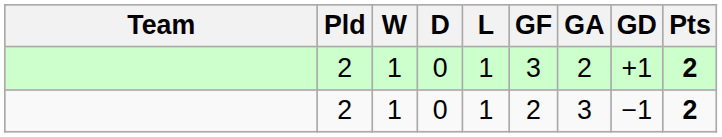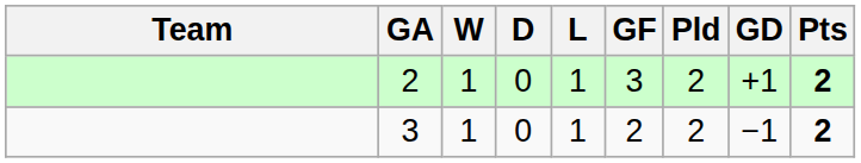 <table class="wikitable" style="text-align:center;">
 <tr>
 <th width=180>Team</th>
-<th width=20>Pld</th>
+<th width=20>GA</th>
 <th width=20>W</th>
 <th width=20>D</th>
 <th width=20>L</th>
 <th width=20>GF</th>
-<th width=20>GA</th>
+<th width=20>Pld</th>
 <th width=20>GD</th>
 <th width=20>Pts</th>
 </tr>
 <tr style="background:#cfc;">
 <td align="left"></td>
 <td>2</td>
 <td>1</td>
 <td>0</td>
 <td>1</td>
 <td>3</td>
 <td>2</td>
 <td>+1</td>
 <td><strong>2</strong></td>
 </tr>
 <tr>
 <td align="left"></td>
-<td>2</td>
+<td>3</td>
 <td>1</td>
 <td>0</td>
 <td>1</td>
 <td>2</td>
-<td>3</td>
+<td>2</td>
 <td>−1</td>
 <td><strong>2</strong></td>
 </tr>
 </table>
